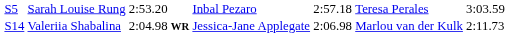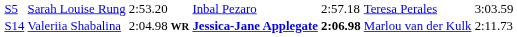 <table>
 <tr>
 <td><a href='#'>S5</a></td>
 <td><a href='#'>Sarah Louise Rung</a><br></td>
 <td>2:53.20</td>
 <td><a href='#'>Inbal Pezaro</a><br></td>
 <td>2:57.18</td>
 <td><a href='#'>Teresa Perales</a><br></td>
 <td>3:03.59</td>
 </tr>
 <tr>
 <td><a href='#'>S14</a></td>
 <td><a href='#'>Valeriia Shabalina</a><br></td>
 <td>2:04.98 <small><strong>WR</strong></small></td>
-<td><a href='#'>Jessica-Jane Applegate</a><br></td>
-<td>2:06.98</td>
+<td><strong><a href='#'>Jessica-Jane Applegate</a><br></strong></td>
+<td><strong>2:06.98</strong></td>
 <td><a href='#'>Marlou van der Kulk</a><br></td>
 <td>2:11.73</td>
 </tr>
 </table>
